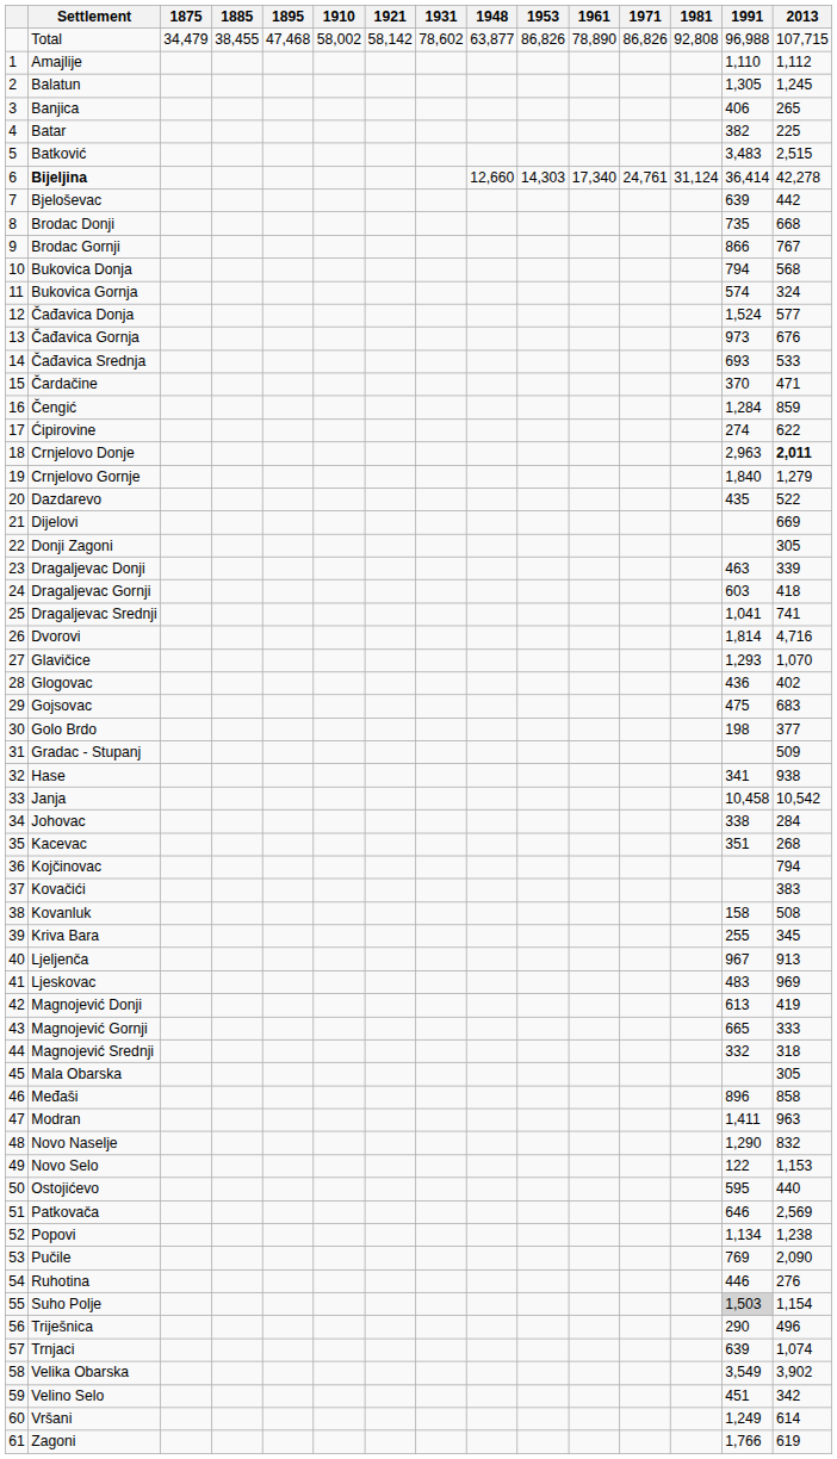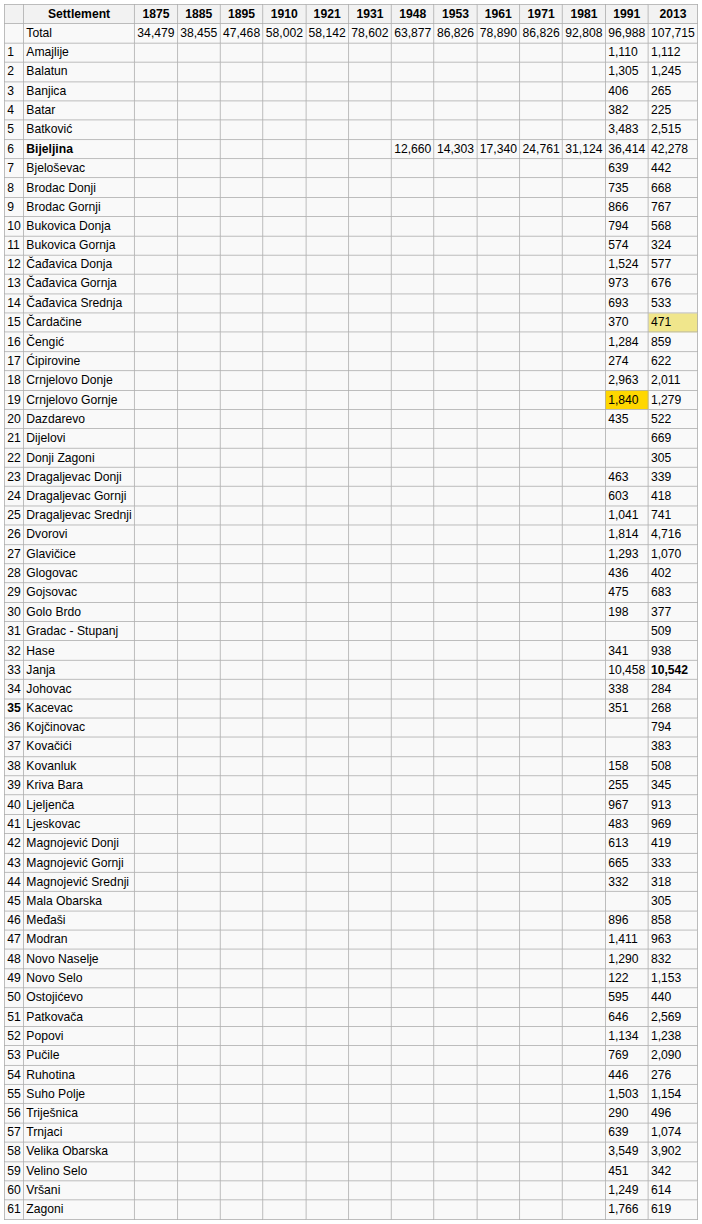 <table class="wikitable">
 <tr>
 <th></th>
 <th>Settlement</th>
 <th>1875</th>
 <th>1885</th>
 <th>1895</th>
 <th>1910</th>
 <th>1921</th>
 <th>1931</th>
 <th>1948</th>
 <th>1953</th>
 <th>1961</th>
 <th>1971</th>
 <th>1981</th>
 <th>1991</th>
 <th>2013</th>
 </tr>
 <tr>
 <td></td>
 <td>Total</td>
 <td>34,479</td>
 <td>38,455</td>
 <td>47,468</td>
 <td>58,002</td>
 <td>58,142</td>
 <td>78,602</td>
 <td>63,877</td>
 <td>86,826</td>
 <td>78,890</td>
 <td>86,826</td>
 <td>92,808</td>
 <td>96,988</td>
 <td>107,715</td>
 </tr>
 <tr>
 <td>1</td>
 <td>Amajlije</td>
 <td></td>
 <td></td>
 <td></td>
 <td></td>
 <td></td>
 <td></td>
 <td></td>
 <td></td>
 <td></td>
 <td></td>
 <td></td>
 <td>1,110</td>
 <td>1,112</td>
 </tr>
 <tr>
 <td>2</td>
 <td>Balatun</td>
 <td></td>
 <td></td>
 <td></td>
 <td></td>
 <td></td>
 <td></td>
 <td></td>
 <td></td>
 <td></td>
 <td></td>
 <td></td>
 <td>1,305</td>
 <td>1,245</td>
 </tr>
 <tr>
 <td>3</td>
 <td>Banjica</td>
 <td></td>
 <td></td>
 <td></td>
 <td></td>
 <td></td>
 <td></td>
 <td></td>
 <td></td>
 <td></td>
 <td></td>
 <td></td>
 <td>406</td>
 <td>265</td>
 </tr>
 <tr>
 <td>4</td>
 <td>Batar</td>
 <td></td>
 <td></td>
 <td></td>
 <td></td>
 <td></td>
 <td></td>
 <td></td>
 <td></td>
 <td></td>
 <td></td>
 <td></td>
 <td>382</td>
 <td>225</td>
 </tr>
 <tr>
 <td>5</td>
 <td>Batković</td>
 <td></td>
 <td></td>
 <td></td>
 <td></td>
 <td></td>
 <td></td>
 <td></td>
 <td></td>
 <td></td>
 <td></td>
 <td></td>
 <td>3,483</td>
 <td>2,515</td>
 </tr>
 <tr>
 <td>6</td>
 <td><strong>Bijeljina</strong></td>
 <td></td>
 <td></td>
 <td></td>
 <td></td>
 <td></td>
 <td></td>
 <td>12,660</td>
 <td>14,303</td>
 <td>17,340</td>
 <td>24,761</td>
 <td>31,124</td>
 <td>36,414</td>
 <td>42,278</td>
 </tr>
 <tr>
 <td>7</td>
 <td>Bjeloševac</td>
 <td></td>
 <td></td>
 <td></td>
 <td></td>
 <td></td>
 <td></td>
 <td></td>
 <td></td>
 <td></td>
 <td></td>
 <td></td>
 <td>639</td>
 <td>442</td>
 </tr>
 <tr>
 <td>8</td>
 <td>Brodac Donji</td>
 <td></td>
 <td></td>
 <td></td>
 <td></td>
 <td></td>
 <td></td>
 <td></td>
 <td></td>
 <td></td>
 <td></td>
 <td></td>
 <td>735</td>
 <td>668</td>
 </tr>
 <tr>
 <td>9</td>
 <td>Brodac Gornji</td>
 <td></td>
 <td></td>
 <td></td>
 <td></td>
 <td></td>
 <td></td>
 <td></td>
 <td></td>
 <td></td>
 <td></td>
 <td></td>
 <td>866</td>
 <td>767</td>
 </tr>
 <tr>
 <td>10</td>
 <td>Bukovica Donja</td>
 <td></td>
 <td></td>
 <td></td>
 <td></td>
 <td></td>
 <td></td>
 <td></td>
 <td></td>
 <td></td>
 <td></td>
 <td></td>
 <td>794</td>
 <td>568</td>
 </tr>
 <tr>
 <td>11</td>
 <td>Bukovica Gornja</td>
 <td></td>
 <td></td>
 <td></td>
 <td></td>
 <td></td>
 <td></td>
 <td></td>
 <td></td>
 <td></td>
 <td></td>
 <td></td>
 <td>574</td>
 <td>324</td>
 </tr>
 <tr>
 <td>12</td>
 <td>Čađavica Donja</td>
 <td></td>
 <td></td>
 <td></td>
 <td></td>
 <td></td>
 <td></td>
 <td></td>
 <td></td>
 <td></td>
 <td></td>
 <td></td>
 <td>1,524</td>
 <td>577</td>
 </tr>
 <tr>
 <td>13</td>
 <td>Čađavica Gornja</td>
 <td></td>
 <td></td>
 <td></td>
 <td></td>
 <td></td>
 <td></td>
 <td></td>
 <td></td>
 <td></td>
 <td></td>
 <td></td>
 <td>973</td>
 <td>676</td>
 </tr>
 <tr>
 <td>14</td>
 <td>Čađavica Srednja</td>
 <td></td>
 <td></td>
 <td></td>
 <td></td>
 <td></td>
 <td></td>
 <td></td>
 <td></td>
 <td></td>
 <td></td>
 <td></td>
 <td>693</td>
 <td>533</td>
 </tr>
 <tr>
 <td>15</td>
 <td>Čardačine</td>
 <td></td>
 <td></td>
 <td></td>
 <td></td>
 <td></td>
 <td></td>
 <td></td>
 <td></td>
 <td></td>
 <td></td>
 <td></td>
 <td>370</td>
-<td>471</td>
+<td style="background: khaki;">471</td>
 </tr>
 <tr>
 <td>16</td>
 <td>Čengić</td>
 <td></td>
 <td></td>
 <td></td>
 <td></td>
 <td></td>
 <td></td>
 <td></td>
 <td></td>
 <td></td>
 <td></td>
 <td></td>
 <td>1,284</td>
 <td>859</td>
 </tr>
 <tr>
 <td>17</td>
 <td>Ćipirovine</td>
 <td></td>
 <td></td>
 <td></td>
 <td></td>
 <td></td>
 <td></td>
 <td></td>
 <td></td>
 <td></td>
 <td></td>
 <td></td>
 <td>274</td>
 <td>622</td>
 </tr>
 <tr>
 <td>18</td>
 <td>Crnjelovo Donje</td>
 <td></td>
 <td></td>
 <td></td>
 <td></td>
 <td></td>
 <td></td>
 <td></td>
 <td></td>
 <td></td>
 <td></td>
 <td></td>
 <td>2,963</td>
-<td><strong>2,011</strong></td>
+<td>2,011</td>
 </tr>
 <tr>
 <td>19</td>
 <td>Crnjelovo Gornje</td>
 <td></td>
 <td></td>
 <td></td>
 <td></td>
 <td></td>
 <td></td>
 <td></td>
 <td></td>
 <td></td>
 <td></td>
 <td></td>
-<td>1,840</td>
+<td style="background: gold;">1,840</td>
 <td>1,279</td>
 </tr>
 <tr>
 <td>20</td>
 <td>Dazdarevo</td>
 <td></td>
 <td></td>
 <td></td>
 <td></td>
 <td></td>
 <td></td>
 <td></td>
 <td></td>
 <td></td>
 <td></td>
 <td></td>
 <td>435</td>
 <td>522</td>
 </tr>
 <tr>
 <td>21</td>
 <td>Dijelovi</td>
 <td></td>
 <td></td>
 <td></td>
 <td></td>
 <td></td>
 <td></td>
 <td></td>
 <td></td>
 <td></td>
 <td></td>
 <td></td>
 <td></td>
 <td>669</td>
 </tr>
 <tr>
 <td>22</td>
 <td>Donji Zagoni</td>
 <td></td>
 <td></td>
 <td></td>
 <td></td>
 <td></td>
 <td></td>
 <td></td>
 <td></td>
 <td></td>
 <td></td>
 <td></td>
 <td></td>
 <td>305</td>
 </tr>
 <tr>
 <td>23</td>
 <td>Dragaljevac Donji</td>
 <td></td>
 <td></td>
 <td></td>
 <td></td>
 <td></td>
 <td></td>
 <td></td>
 <td></td>
 <td></td>
 <td></td>
 <td></td>
 <td>463</td>
 <td>339</td>
 </tr>
 <tr>
 <td>24</td>
 <td>Dragaljevac Gornji</td>
 <td></td>
 <td></td>
 <td></td>
 <td></td>
 <td></td>
 <td></td>
 <td></td>
 <td></td>
 <td></td>
 <td></td>
 <td></td>
 <td>603</td>
 <td>418</td>
 </tr>
 <tr>
 <td>25</td>
 <td>Dragaljevac Srednji</td>
 <td></td>
 <td></td>
 <td></td>
 <td></td>
 <td></td>
 <td></td>
 <td></td>
 <td></td>
 <td></td>
 <td></td>
 <td></td>
 <td>1,041</td>
 <td>741</td>
 </tr>
 <tr>
 <td>26</td>
 <td>Dvorovi</td>
 <td></td>
 <td></td>
 <td></td>
 <td></td>
 <td></td>
 <td></td>
 <td></td>
 <td></td>
 <td></td>
 <td></td>
 <td></td>
 <td>1,814</td>
 <td>4,716</td>
 </tr>
 <tr>
 <td>27</td>
 <td>Glavičice</td>
 <td></td>
 <td></td>
 <td></td>
 <td></td>
 <td></td>
 <td></td>
 <td></td>
 <td></td>
 <td></td>
 <td></td>
 <td></td>
 <td>1,293</td>
 <td>1,070</td>
 </tr>
 <tr>
 <td>28</td>
 <td>Glogovac</td>
 <td></td>
 <td></td>
 <td></td>
 <td></td>
 <td></td>
 <td></td>
 <td></td>
 <td></td>
 <td></td>
 <td></td>
 <td></td>
 <td>436</td>
 <td>402</td>
 </tr>
 <tr>
 <td>29</td>
 <td>Gojsovac</td>
 <td></td>
 <td></td>
 <td></td>
 <td></td>
 <td></td>
 <td></td>
 <td></td>
 <td></td>
 <td></td>
 <td></td>
 <td></td>
 <td>475</td>
 <td>683</td>
 </tr>
 <tr>
 <td>30</td>
 <td>Golo Brdo</td>
 <td></td>
 <td></td>
 <td></td>
 <td></td>
 <td></td>
 <td></td>
 <td></td>
 <td></td>
 <td></td>
 <td></td>
 <td></td>
 <td>198</td>
 <td>377</td>
 </tr>
 <tr>
 <td>31</td>
 <td>Gradac - Stupanj</td>
 <td></td>
 <td></td>
 <td></td>
 <td></td>
 <td></td>
 <td></td>
 <td></td>
 <td></td>
 <td></td>
 <td></td>
 <td></td>
 <td></td>
 <td>509</td>
 </tr>
 <tr>
 <td>32</td>
 <td>Hase</td>
 <td></td>
 <td></td>
 <td></td>
 <td></td>
 <td></td>
 <td></td>
 <td></td>
 <td></td>
 <td></td>
 <td></td>
 <td></td>
 <td>341</td>
 <td>938</td>
 </tr>
 <tr>
 <td>33</td>
 <td>Janja</td>
 <td></td>
 <td></td>
 <td></td>
 <td></td>
 <td></td>
 <td></td>
 <td></td>
 <td></td>
 <td></td>
 <td></td>
 <td></td>
 <td>10,458</td>
-<td>10,542</td>
+<td><strong>10,542</strong></td>
 </tr>
 <tr>
 <td>34</td>
 <td>Johovac</td>
 <td></td>
 <td></td>
 <td></td>
 <td></td>
 <td></td>
 <td></td>
 <td></td>
 <td></td>
 <td></td>
 <td></td>
 <td></td>
 <td>338</td>
 <td>284</td>
 </tr>
 <tr>
-<td>35</td>
+<td><strong>35</strong></td>
 <td>Kacevac</td>
 <td></td>
 <td></td>
 <td></td>
 <td></td>
 <td></td>
 <td></td>
 <td></td>
 <td></td>
 <td></td>
 <td></td>
 <td></td>
 <td>351</td>
 <td>268</td>
 </tr>
 <tr>
 <td>36</td>
 <td>Kojčinovac</td>
 <td></td>
 <td></td>
 <td></td>
 <td></td>
 <td></td>
 <td></td>
 <td></td>
 <td></td>
 <td></td>
 <td></td>
 <td></td>
 <td></td>
 <td>794</td>
 </tr>
 <tr>
 <td>37</td>
 <td>Kovačići</td>
 <td></td>
 <td></td>
 <td></td>
 <td></td>
 <td></td>
 <td></td>
 <td></td>
 <td></td>
 <td></td>
 <td></td>
 <td></td>
 <td></td>
 <td>383</td>
 </tr>
 <tr>
 <td>38</td>
 <td>Kovanluk</td>
 <td></td>
 <td></td>
 <td></td>
 <td></td>
 <td></td>
 <td></td>
 <td></td>
 <td></td>
 <td></td>
 <td></td>
 <td></td>
 <td>158</td>
 <td>508</td>
 </tr>
 <tr>
 <td>39</td>
 <td>Kriva Bara</td>
 <td></td>
 <td></td>
 <td></td>
 <td></td>
 <td></td>
 <td></td>
 <td></td>
 <td></td>
 <td></td>
 <td></td>
 <td></td>
 <td>255</td>
 <td>345</td>
 </tr>
 <tr>
 <td>40</td>
 <td>Ljeljenča</td>
 <td></td>
 <td></td>
 <td></td>
 <td></td>
 <td></td>
 <td></td>
 <td></td>
 <td></td>
 <td></td>
 <td></td>
 <td></td>
 <td>967</td>
 <td>913</td>
 </tr>
 <tr>
 <td>41</td>
 <td>Ljeskovac</td>
 <td></td>
 <td></td>
 <td></td>
 <td></td>
 <td></td>
 <td></td>
 <td></td>
 <td></td>
 <td></td>
 <td></td>
 <td></td>
 <td>483</td>
 <td>969</td>
 </tr>
 <tr>
 <td>42</td>
 <td>Magnojević Donji</td>
 <td></td>
 <td></td>
 <td></td>
 <td></td>
 <td></td>
 <td></td>
 <td></td>
 <td></td>
 <td></td>
 <td></td>
 <td></td>
 <td>613</td>
 <td>419</td>
 </tr>
 <tr>
 <td>43</td>
 <td>Magnojević Gornji</td>
 <td></td>
 <td></td>
 <td></td>
 <td></td>
 <td></td>
 <td></td>
 <td></td>
 <td></td>
 <td></td>
 <td></td>
 <td></td>
 <td>665</td>
 <td>333</td>
 </tr>
 <tr>
 <td>44</td>
 <td>Magnojević Srednji</td>
 <td></td>
 <td></td>
 <td></td>
 <td></td>
 <td></td>
 <td></td>
 <td></td>
 <td></td>
 <td></td>
 <td></td>
 <td></td>
 <td>332</td>
 <td>318</td>
 </tr>
 <tr>
 <td>45</td>
 <td>Mala Obarska</td>
 <td></td>
 <td></td>
 <td></td>
 <td></td>
 <td></td>
 <td></td>
 <td></td>
 <td></td>
 <td></td>
 <td></td>
 <td></td>
 <td></td>
 <td>305</td>
 </tr>
 <tr>
 <td>46</td>
 <td>Međaši</td>
 <td></td>
 <td></td>
 <td></td>
 <td></td>
 <td></td>
 <td></td>
 <td></td>
 <td></td>
 <td></td>
 <td></td>
 <td></td>
 <td>896</td>
 <td>858</td>
 </tr>
 <tr>
 <td>47</td>
 <td>Modran</td>
 <td></td>
 <td></td>
 <td></td>
 <td></td>
 <td></td>
 <td></td>
 <td></td>
 <td></td>
 <td></td>
 <td></td>
 <td></td>
 <td>1,411</td>
 <td>963</td>
 </tr>
 <tr>
 <td>48</td>
 <td>Novo Naselje</td>
 <td></td>
 <td></td>
 <td></td>
 <td></td>
 <td></td>
 <td></td>
 <td></td>
 <td></td>
 <td></td>
 <td></td>
 <td></td>
 <td>1,290</td>
 <td>832</td>
 </tr>
 <tr>
 <td>49</td>
 <td>Novo Selo</td>
 <td></td>
 <td></td>
 <td></td>
 <td></td>
 <td></td>
 <td></td>
 <td></td>
 <td></td>
 <td></td>
 <td></td>
 <td></td>
 <td>122</td>
 <td>1,153</td>
 </tr>
 <tr>
 <td>50</td>
 <td>Ostojićevo</td>
 <td></td>
 <td></td>
 <td></td>
 <td></td>
 <td></td>
 <td></td>
 <td></td>
 <td></td>
 <td></td>
 <td></td>
 <td></td>
 <td>595</td>
 <td>440</td>
 </tr>
 <tr>
 <td>51</td>
 <td>Patkovača</td>
 <td></td>
 <td></td>
 <td></td>
 <td></td>
 <td></td>
 <td></td>
 <td></td>
 <td></td>
 <td></td>
 <td></td>
 <td></td>
 <td>646</td>
 <td>2,569</td>
 </tr>
 <tr>
 <td>52</td>
 <td>Popovi</td>
 <td></td>
 <td></td>
 <td></td>
 <td></td>
 <td></td>
 <td></td>
 <td></td>
 <td></td>
 <td></td>
 <td></td>
 <td></td>
 <td>1,134</td>
 <td>1,238</td>
 </tr>
 <tr>
 <td>53</td>
 <td>Pučile</td>
 <td></td>
 <td></td>
 <td></td>
 <td></td>
 <td></td>
 <td></td>
 <td></td>
 <td></td>
 <td></td>
 <td></td>
 <td></td>
 <td>769</td>
 <td>2,090</td>
 </tr>
 <tr>
 <td>54</td>
 <td>Ruhotina</td>
 <td></td>
 <td></td>
 <td></td>
 <td></td>
 <td></td>
 <td></td>
 <td></td>
 <td></td>
 <td></td>
 <td></td>
 <td></td>
 <td>446</td>
 <td>276</td>
 </tr>
 <tr>
 <td>55</td>
 <td>Suho Polje</td>
 <td></td>
 <td></td>
 <td></td>
 <td></td>
 <td></td>
 <td></td>
 <td></td>
 <td></td>
 <td></td>
 <td></td>
 <td></td>
-<td style="background: lightgrey;">1,503</td>
+<td>1,503</td>
 <td>1,154</td>
 </tr>
 <tr>
 <td>56</td>
 <td>Triješnica</td>
 <td></td>
 <td></td>
 <td></td>
 <td></td>
 <td></td>
 <td></td>
 <td></td>
 <td></td>
 <td></td>
 <td></td>
 <td></td>
 <td>290</td>
 <td>496</td>
 </tr>
 <tr>
 <td>57</td>
 <td>Trnjaci</td>
 <td></td>
 <td></td>
 <td></td>
 <td></td>
 <td></td>
 <td></td>
 <td></td>
 <td></td>
 <td></td>
 <td></td>
 <td></td>
 <td>639</td>
 <td>1,074</td>
 </tr>
 <tr>
 <td>58</td>
 <td>Velika Obarska</td>
 <td></td>
 <td></td>
 <td></td>
 <td></td>
 <td></td>
 <td></td>
 <td></td>
 <td></td>
 <td></td>
 <td></td>
 <td></td>
 <td>3,549</td>
 <td>3,902</td>
 </tr>
 <tr>
 <td>59</td>
 <td>Velino Selo</td>
 <td></td>
 <td></td>
 <td></td>
 <td></td>
 <td></td>
 <td></td>
 <td></td>
 <td></td>
 <td></td>
 <td></td>
 <td></td>
 <td>451</td>
 <td>342</td>
 </tr>
 <tr>
 <td>60</td>
 <td>Vršani</td>
 <td></td>
 <td></td>
 <td></td>
 <td></td>
 <td></td>
 <td></td>
 <td></td>
 <td></td>
 <td></td>
 <td></td>
 <td></td>
 <td>1,249</td>
 <td>614</td>
 </tr>
 <tr>
 <td>61</td>
 <td>Zagoni</td>
 <td></td>
 <td></td>
 <td></td>
 <td></td>
 <td></td>
 <td></td>
 <td></td>
 <td></td>
 <td></td>
 <td></td>
 <td></td>
 <td>1,766</td>
 <td>619</td>
 </tr>
 </table>
